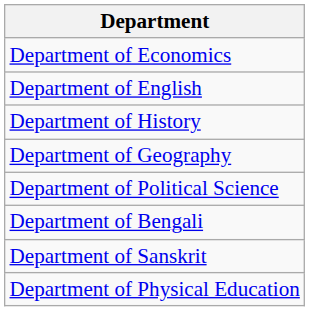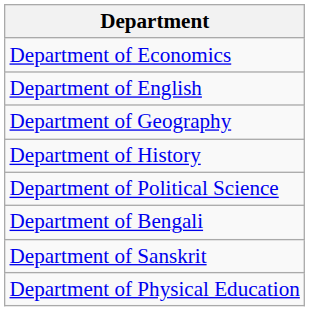 <table class="wikitable sortable">
 <tr>
 <th>Department</th>
 </tr>
 <tr>
 <td><a href='#'>Department of Economics</a></td>
 </tr>
 <tr>
 <td><a href='#'>Department of English</a></td>
 </tr>
 <tr>
-<td><a href='#'>Department of History</a></td>
+<td><a href='#'>Department of Geography</a></td>
 </tr>
 <tr>
-<td><a href='#'>Department of Geography</a></td>
+<td><a href='#'>Department of History</a></td>
 </tr>
 <tr>
 <td><a href='#'>Department of Political Science</a></td>
 </tr>
 <tr>
 <td><a href='#'>Department of Bengali</a></td>
 </tr>
 <tr>
 <td><a href='#'>Department of Sanskrit</a></td>
 </tr>
 <tr>
 <td><a href='#'>Department of Physical Education</a></td>
 </tr>
 </table>
